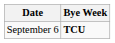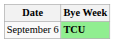 <table class="wikitable" style="font-size:95%;">
 <tr>
 <th>Date</th>
 <th colspan="1">Bye Week</th>
 </tr>
 <tr>
 <td>September 6</td>
-<td><strong>TCU</strong></td>
+<td style="background: lightgreen;"><strong>TCU</strong></td>
 </tr>
 </table>
